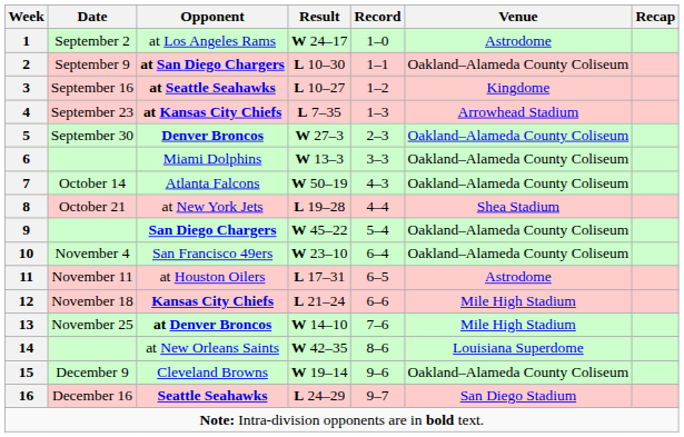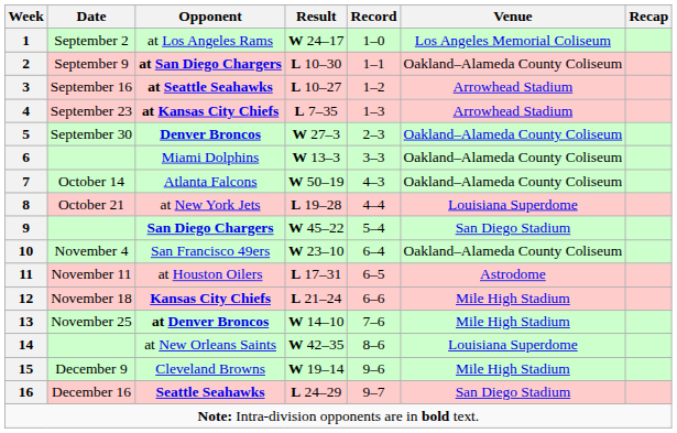 <table class="wikitable" style="text-align:center">
 <tr>
 <th>Week</th>
 <th>Date</th>
 <th>Opponent</th>
 <th>Result</th>
 <th>Record</th>
 <th>Venue</th>
 <th>Recap</th>
 </tr>
 <tr style="background: #cfc;">
 <th>1</th>
 <td>September 2</td>
 <td>at <a href='#'>Los Angeles Rams</a></td>
 <td><strong>W</strong> 24–17</td>
 <td>1–0</td>
-<td><a href='#'>Astrodome</a></td>
+<td><a href='#'>Los Angeles Memorial Coliseum</a></td>
 <td></td>
 </tr>
 <tr style="background: #fcc;">
 <th>2</th>
 <td>September 9</td>
 <td><strong>at <a href='#'>San Diego Chargers</a></strong></td>
 <td><strong>L</strong> 10–30</td>
 <td>1–1</td>
 <td>Oakland–Alameda County Coliseum</td>
 <td></td>
 </tr>
 <tr style="background: #fcc;">
 <th>3</th>
 <td>September 16</td>
 <td><strong>at <a href='#'>Seattle Seahawks</a></strong></td>
 <td><strong>L</strong> 10–27</td>
 <td>1–2</td>
-<td><a href='#'>Kingdome</a></td>
+<td><a href='#'>Arrowhead Stadium</a></td>
 <td></td>
 </tr>
 <tr style="background: #fcc;">
 <th>4</th>
 <td>September 23</td>
 <td><strong>at <a href='#'>Kansas City Chiefs</a></strong></td>
 <td><strong>L</strong> 7–35</td>
 <td>1–3</td>
 <td><a href='#'>Arrowhead Stadium</a></td>
 <td></td>
 </tr>
 <tr style="background: #cfc;">
 <th>5</th>
 <td>September 30</td>
 <td><strong><a href='#'>Denver Broncos</a></strong></td>
 <td><strong>W</strong> 27–3</td>
 <td>2–3</td>
 <td><a href='#'>Oakland–Alameda County Coliseum</a></td>
 <td></td>
 </tr>
 <tr style="background: #cfc;">
 <th>6</th>
 <td></td>
 <td><a href='#'>Miami Dolphins</a></td>
 <td><strong>W</strong> 13–3</td>
 <td>3–3</td>
 <td>Oakland–Alameda County Coliseum</td>
 <td></td>
 </tr>
 <tr style="background: #cfc;">
 <th>7</th>
 <td>October 14</td>
 <td><a href='#'>Atlanta Falcons</a></td>
 <td><strong>W</strong> 50–19</td>
 <td>4–3</td>
 <td>Oakland–Alameda County Coliseum</td>
 <td></td>
 </tr>
 <tr style="background: #fcc;">
 <th>8</th>
 <td>October 21</td>
 <td>at <a href='#'>New York Jets</a></td>
 <td><strong>L</strong> 19–28</td>
 <td>4–4</td>
-<td><a href='#'>Shea Stadium</a></td>
+<td><a href='#'>Louisiana Superdome</a></td>
 <td></td>
 </tr>
 <tr style="background: #cfc;">
 <th>9</th>
 <td></td>
 <td><strong><a href='#'>San Diego Chargers</a></strong></td>
 <td><strong>W</strong> 45–22</td>
 <td>5–4</td>
-<td>Oakland–Alameda County Coliseum</td>
+<td><a href='#'>San Diego Stadium</a></td>
 <td></td>
 </tr>
 <tr style="background: #cfc;">
 <th>10</th>
 <td>November 4</td>
 <td><a href='#'>San Francisco 49ers</a></td>
 <td><strong>W</strong> 23–10</td>
 <td>6–4</td>
 <td>Oakland–Alameda County Coliseum</td>
 <td></td>
 </tr>
 <tr style="background: #fcc;">
 <th>11</th>
 <td>November 11</td>
 <td>at <a href='#'>Houston Oilers</a></td>
 <td><strong>L</strong> 17–31</td>
 <td>6–5</td>
 <td><a href='#'>Astrodome</a></td>
 <td></td>
 </tr>
 <tr style="background: #fcc;">
 <th>12</th>
 <td>November 18</td>
 <td><strong><a href='#'>Kansas City Chiefs</a></strong></td>
 <td><strong>L</strong> 21–24</td>
 <td>6–6</td>
 <td><a href='#'>Mile High Stadium</a></td>
 <td></td>
 </tr>
 <tr style="background: #cfc;">
 <th>13</th>
 <td>November 25</td>
 <td><strong>at <a href='#'>Denver Broncos</a></strong></td>
 <td><strong>W</strong> 14–10</td>
 <td>7–6</td>
 <td><a href='#'>Mile High Stadium</a></td>
 <td></td>
 </tr>
 <tr style="background: #cfc;">
 <th>14</th>
 <td></td>
 <td>at <a href='#'>New Orleans Saints</a></td>
 <td><strong>W</strong> 42–35</td>
 <td>8–6</td>
 <td><a href='#'>Louisiana Superdome</a></td>
 <td></td>
 </tr>
 <tr style="background: #cfc;">
 <th>15</th>
 <td>December 9</td>
 <td><a href='#'>Cleveland Browns</a></td>
 <td><strong>W</strong> 19–14</td>
 <td>9–6</td>
-<td>Oakland–Alameda County Coliseum</td>
+<td><a href='#'>Mile High Stadium</a></td>
 <td></td>
 </tr>
 <tr style="background: #fcc;">
 <th>16</th>
 <td>December 16</td>
 <td><strong><a href='#'>Seattle Seahawks</a></strong></td>
 <td><strong>L</strong> 24–29</td>
 <td>9–7</td>
 <td><a href='#'>San Diego Stadium</a></td>
 <td></td>
 </tr>
 <tr>
 <td colspan="8"><strong>Note:</strong> Intra-division opponents are in <strong>bold</strong> text.</td>
 </tr>
 </table>
